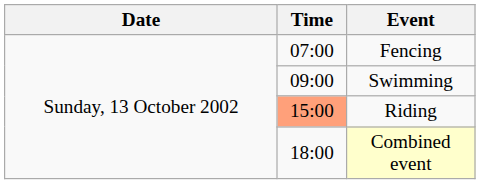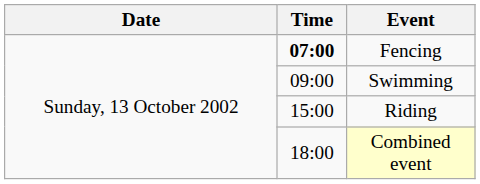 <table class = "wikitable" style="text-align:center;">
 <tr>
 <th width=220>Date</th>
 <th width=50>Time</th>
 <th width=100>Event</th>
 </tr>
 <tr>
 <td rowspan=4>Sunday, 13 October 2002</td>
-<td>07:00</td>
+<td><strong>07:00</strong></td>
 <td>Fencing</td>
 </tr>
 <tr>
 <td>09:00</td>
 <td>Swimming</td>
 </tr>
 <tr>
-<td style="background: lightsalmon;">15:00</td>
+<td>15:00</td>
 <td>Riding</td>
 </tr>
 <tr>
 <td>18:00</td>
 <td bgcolor=ffffcc>Combined event</td>
 </tr>
 </table>
